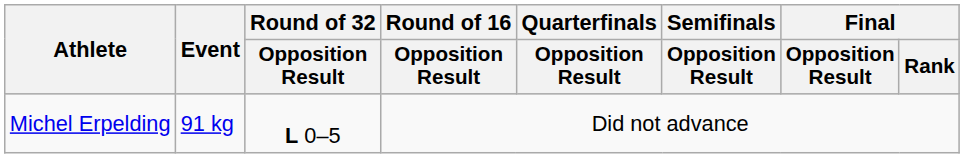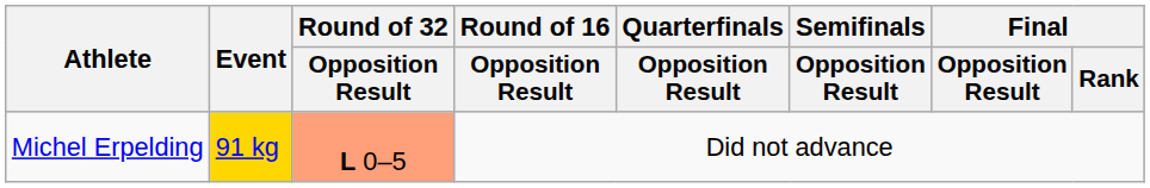 <table class="wikitable" style="font-size:90%">
 <tr>
 <th rowspan="2">Athlete</th>
 <th rowspan="2">Event</th>
 <th>Round of 32</th>
 <th>Round of 16</th>
 <th>Quarterfinals</th>
 <th>Semifinals</th>
 <th colspan=2>Final</th>
 </tr>
 <tr style="font-size:95%">
 <th>Opposition<br>Result</th>
 <th>Opposition<br>Result</th>
 <th>Opposition<br>Result</th>
 <th>Opposition<br>Result</th>
 <th>Opposition<br>Result</th>
 <th>Rank</th>
 </tr>
 <tr align=center>
 <td align=left><a href='#'>Michel Erpelding</a></td>
-<td align=left><a href='#'>91 kg</a></td>
-<td><br><strong>L</strong> 0–5</td>
+<td align=left style="background: gold;"><a href='#'>91 kg</a></td>
+<td style="background: lightsalmon;"><br><strong>L</strong> 0–5</td>
 <td colspan=5>Did not advance</td>
 </tr>
 </table>
